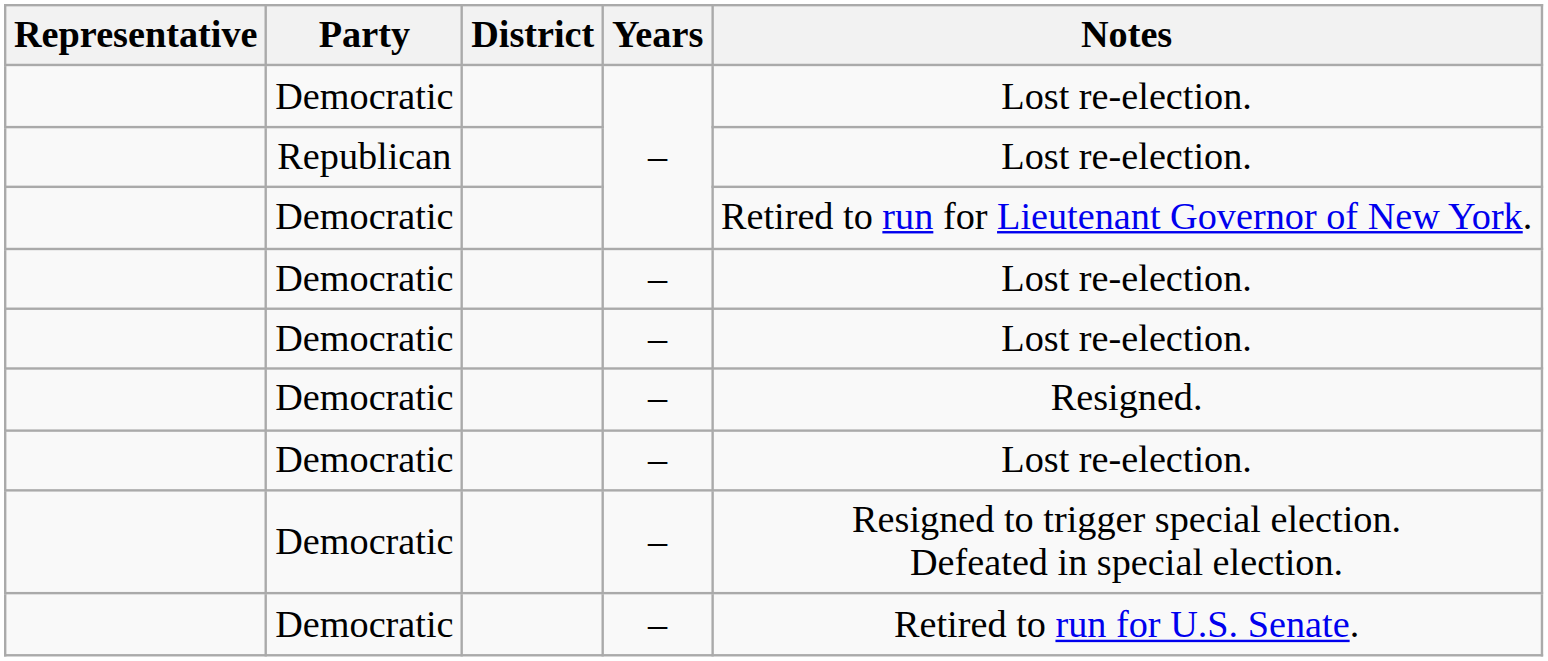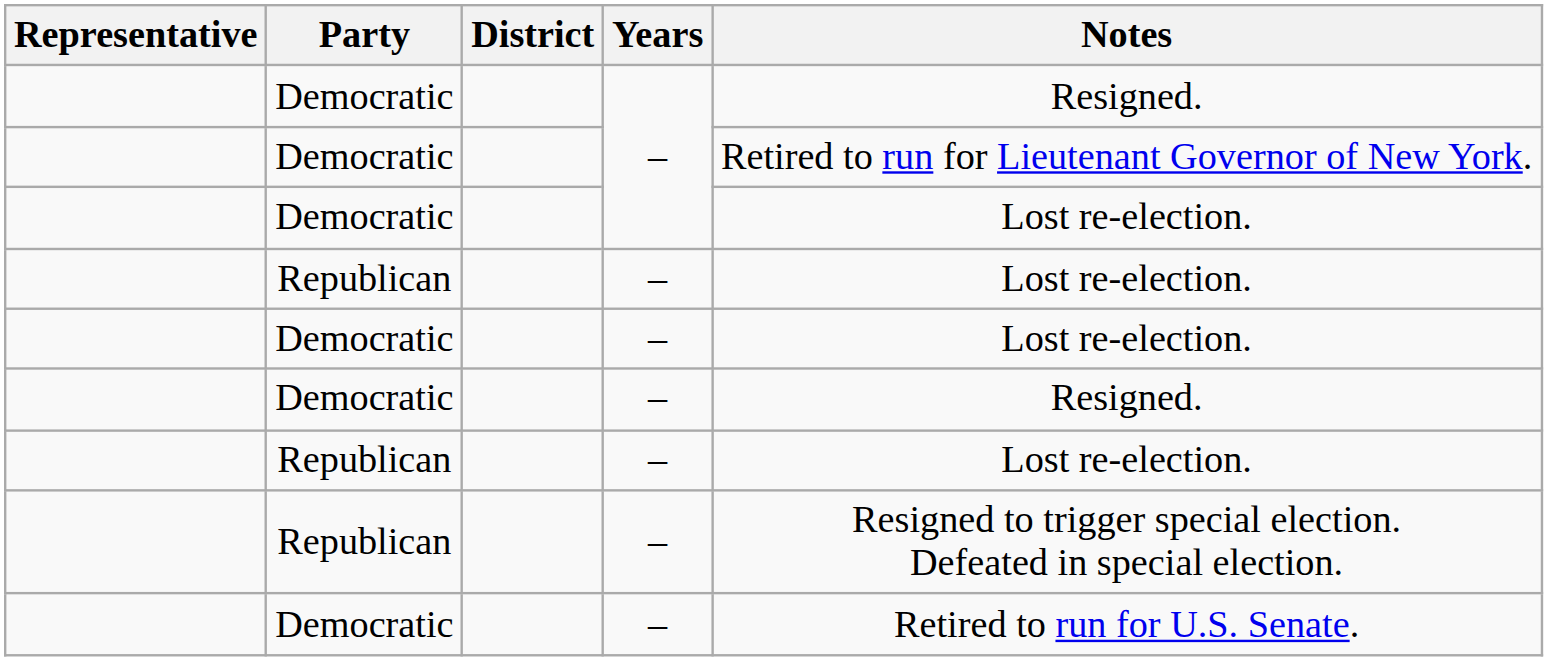 <table class="wikitable sortable" style="text-align:center">
 <tr valign=bottom>
 <th>Representative</th>
 <th>Party</th>
 <th>District</th>
 <th>Years</th>
 <th>Notes</th>
 </tr>
 <tr>
 <td align=left></td>
 <td>Democratic</td>
 <td></td>
 <td rowspan="3" nowrap=""> –<br></td>
-<td>Lost re-election.</td>
-</tr>
-<tr>
-<td align=left></td>
-<td>Republican</td>
-<td></td>
-<td>Lost re-election.</td>
+<td>Resigned.</td>
 </tr>
 <tr>
 <td align=left></td>
 <td>Democratic</td>
 <td></td>
 <td>Retired to <a href='#'>run</a> for <a href='#'>Lieutenant Governor of New York</a>.</td>
 </tr>
 <tr>
 <td align=left></td>
 <td>Democratic</td>
+<td></td>
+<td>Lost re-election.</td>
+</tr>
+<tr>
+<td align=left></td>
+<td>Republican</td>
 <td></td>
 <td nowrap> –<br></td>
 <td>Lost re-election.</td>
 </tr>
 <tr>
 <td align=left></td>
 <td>Democratic</td>
 <td></td>
 <td nowrap> –<br></td>
 <td>Lost re-election.</td>
 </tr>
 <tr>
 <td align=left></td>
 <td>Democratic</td>
 <td></td>
 <td nowrap> –<br></td>
 <td>Resigned.</td>
 </tr>
 <tr>
 <td align=left></td>
-<td>Democratic</td>
+<td>Republican</td>
 <td></td>
 <td nowrap> –<br></td>
 <td>Lost re-election.</td>
 </tr>
 <tr>
 <td align=left></td>
-<td>Democratic</td>
+<td>Republican</td>
 <td></td>
 <td nowrap> –<br></td>
 <td>Resigned to trigger special election.<br>Defeated in special election.</td>
 </tr>
 <tr>
 <td align=left></td>
 <td>Democratic</td>
 <td></td>
 <td nowrap> –<br></td>
 <td>Retired to <a href='#'>run for U.S. Senate</a>.</td>
 </tr>
 </table>
